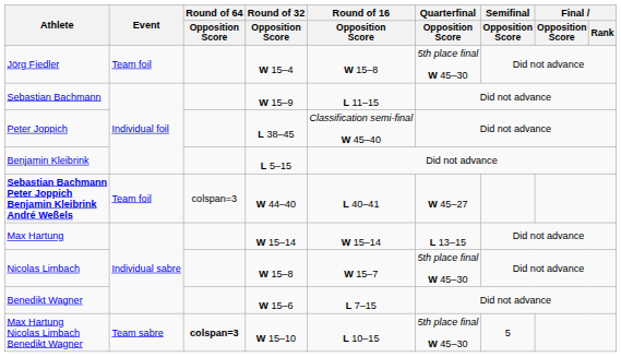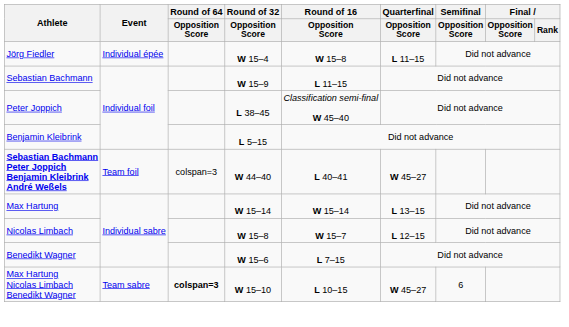 <table class="wikitable" style="font-size:90%">
 <tr>
 <th rowspan=2>Athlete</th>
 <th rowspan=2>Event</th>
 <th>Round of 64</th>
 <th>Round of 32</th>
 <th>Round of 16</th>
 <th>Quarterfinal</th>
 <th>Semifinal</th>
 <th colspan=2>Final / </th>
 </tr>
 <tr style="font-size:95%">
 <th>Opposition <br> Score</th>
 <th>Opposition <br> Score</th>
 <th>Opposition <br> Score</th>
 <th>Opposition <br> Score</th>
 <th>Opposition <br> Score</th>
 <th>Opposition <br> Score</th>
 <th>Rank</th>
 </tr>
 <tr align=center>
 <td align=left><a href='#'>Jörg Fiedler</a></td>
-<td align=left><a href='#'>Team foil</a></td>
+<td align=left><a href='#'>Individual épée</a></td>
 <td></td>
 <td><br><strong>W</strong> 15–4</td>
 <td><br><strong>W</strong> 15–8</td>
-<td><em>5th place final</em><br><br><strong>W</strong> 45–30</td>
+<td><br><strong>L</strong> 11–15</td>
 <td colspan=3>Did not advance</td>
 </tr>
 <tr align=center>
 <td align=left><a href='#'>Sebastian Bachmann</a></td>
 <td align=left rowspan=3><a href='#'>Individual foil</a></td>
 <td></td>
 <td><br><strong>W</strong> 15–9</td>
 <td><br><strong>L</strong> 11–15</td>
 <td colspan=4>Did not advance</td>
 </tr>
 <tr align=center>
 <td align=left><a href='#'>Peter Joppich</a></td>
 <td></td>
 <td><br><strong>L</strong> 38–45</td>
 <td><em>Classification semi-final</em><br><br><strong>W</strong> 45–40</td>
 <td colspan=4>Did not advance</td>
 </tr>
 <tr align=center>
 <td align=left><a href='#'>Benjamin Kleibrink</a></td>
 <td></td>
 <td><br><strong>L</strong> 5–15</td>
 <td colspan=5>Did not advance</td>
 </tr>
 <tr align=center>
 <td align=left><strong><a href='#'>Sebastian Bachmann</a><br><a href='#'>Peter Joppich</a><br><a href='#'>Benjamin Kleibrink</a><br><a href='#'>André Weßels</a></strong></td>
 <td align=left><a href='#'>Team foil</a></td>
 <td>colspan=3 </td>
 <td><br><strong>W</strong> 44–40</td>
 <td><br><strong>L</strong> 40–41</td>
 <td><br><strong>W</strong> 45–27</td>
 <td></td>
 </tr>
 <tr align=center>
 <td align=left><a href='#'>Max Hartung</a></td>
 <td align=left rowspan=3><a href='#'>Individual sabre</a></td>
 <td></td>
 <td><br><strong>W</strong> 15–14</td>
 <td><br><strong>W</strong> 15–14</td>
 <td><br><strong>L</strong> 13–15</td>
 <td colspan=3>Did not advance</td>
 </tr>
 <tr align=center>
 <td align=left><a href='#'>Nicolas Limbach</a></td>
 <td></td>
 <td><br><strong>W</strong> 15–8</td>
 <td><br><strong>W</strong> 15–7</td>
-<td><em>5th place final</em><br><br><strong>W</strong> 45–30</td>
+<td><br><strong>L</strong> 12–15</td>
 <td colspan=3>Did not advance</td>
 </tr>
 <tr align=center>
 <td align=left><a href='#'>Benedikt Wagner</a></td>
 <td></td>
 <td><br><strong>W</strong> 15–6</td>
 <td><br><strong>L</strong> 7–15</td>
 <td colspan=4>Did not advance</td>
 </tr>
 <tr align=center>
 <td align=left><a href='#'>Max Hartung</a><br><a href='#'>Nicolas Limbach</a><br><a href='#'>Benedikt Wagner</a></td>
 <td align=left><a href='#'>Team sabre</a></td>
 <td><strong>colspan=3 </strong></td>
 <td><br><strong>W</strong> 15–10</td>
 <td><br><strong>L</strong> 10–15</td>
-<td><em>5th place final</em><br><br><strong>W</strong> 45–30</td>
-<td>5</td>
+<td><br><strong>W</strong> 45–27</td>
+<td>6</td>
 </tr>
 </table>
